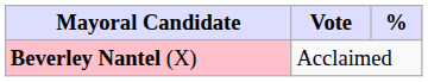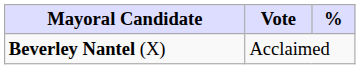 <table class="wikitable">
 <tr>
 <th style="background:#ddf; width:200px;">Mayoral Candidate</th>
 <th style="background:#ddf; width:50px;">Vote</th>
 <th style="background:#ddf; width:30px;">%</th>
 </tr>
 <tr>
-<td style="background: pink;"><strong>Beverley Nantel</strong> (X)</td>
+<td><strong>Beverley Nantel</strong> (X)</td>
 <td colspan="2">Acclaimed</td>
 </tr>
 </table>
